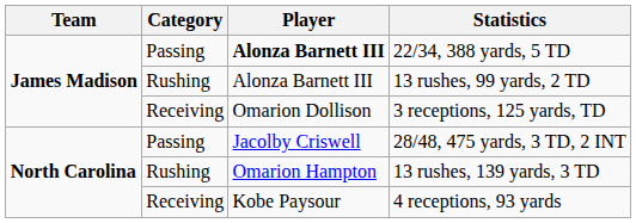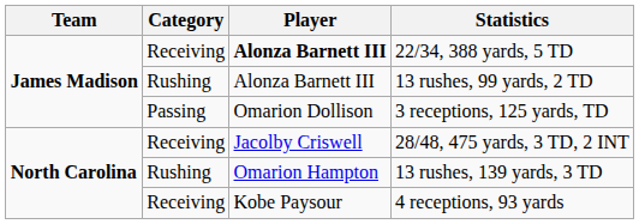 <table class="wikitable" style="float: right;">
 <tr>
 <th>Team</th>
 <th>Category</th>
 <th>Player</th>
 <th>Statistics</th>
 </tr>
 <tr>
 <td rowspan=3><strong>James Madison</strong></td>
-<td>Passing</td>
+<td>Receiving</td>
 <td><strong>Alonza Barnett III</strong></td>
 <td>22/34, 388 yards, 5 TD</td>
 </tr>
 <tr>
 <td>Rushing</td>
 <td>Alonza Barnett III</td>
 <td>13 rushes, 99 yards, 2 TD</td>
 </tr>
 <tr>
-<td>Receiving</td>
+<td>Passing</td>
 <td>Omarion Dollison</td>
 <td>3 receptions, 125 yards, TD</td>
 </tr>
 <tr>
 <td rowspan=3><strong>North Carolina</strong></td>
-<td>Passing</td>
+<td>Receiving</td>
 <td><a href='#'>Jacolby Criswell</a></td>
 <td>28/48, 475 yards, 3 TD, 2 INT</td>
 </tr>
 <tr>
 <td>Rushing</td>
 <td><a href='#'>Omarion Hampton</a></td>
 <td>13 rushes, 139 yards, 3 TD</td>
 </tr>
 <tr>
 <td>Receiving</td>
 <td>Kobe Paysour</td>
 <td>4 receptions, 93 yards</td>
 </tr>
 </table>
